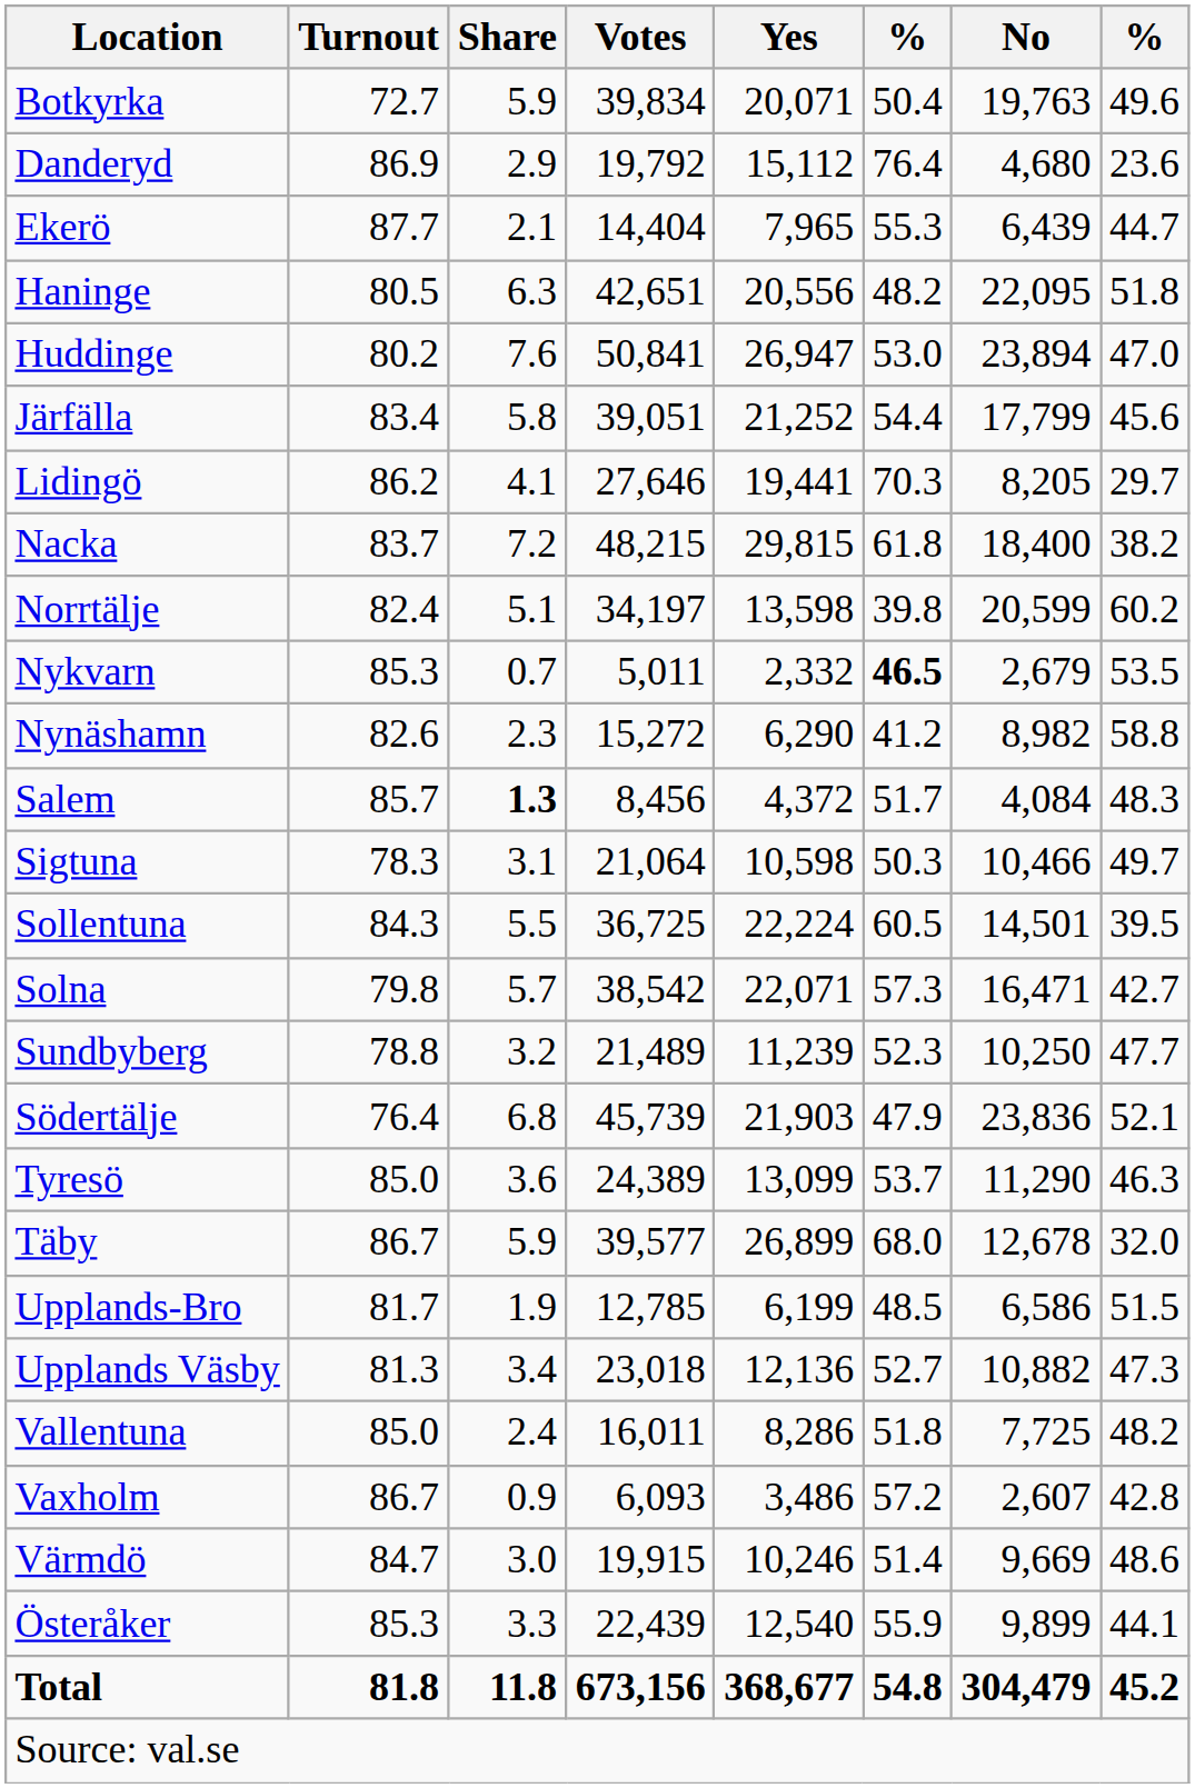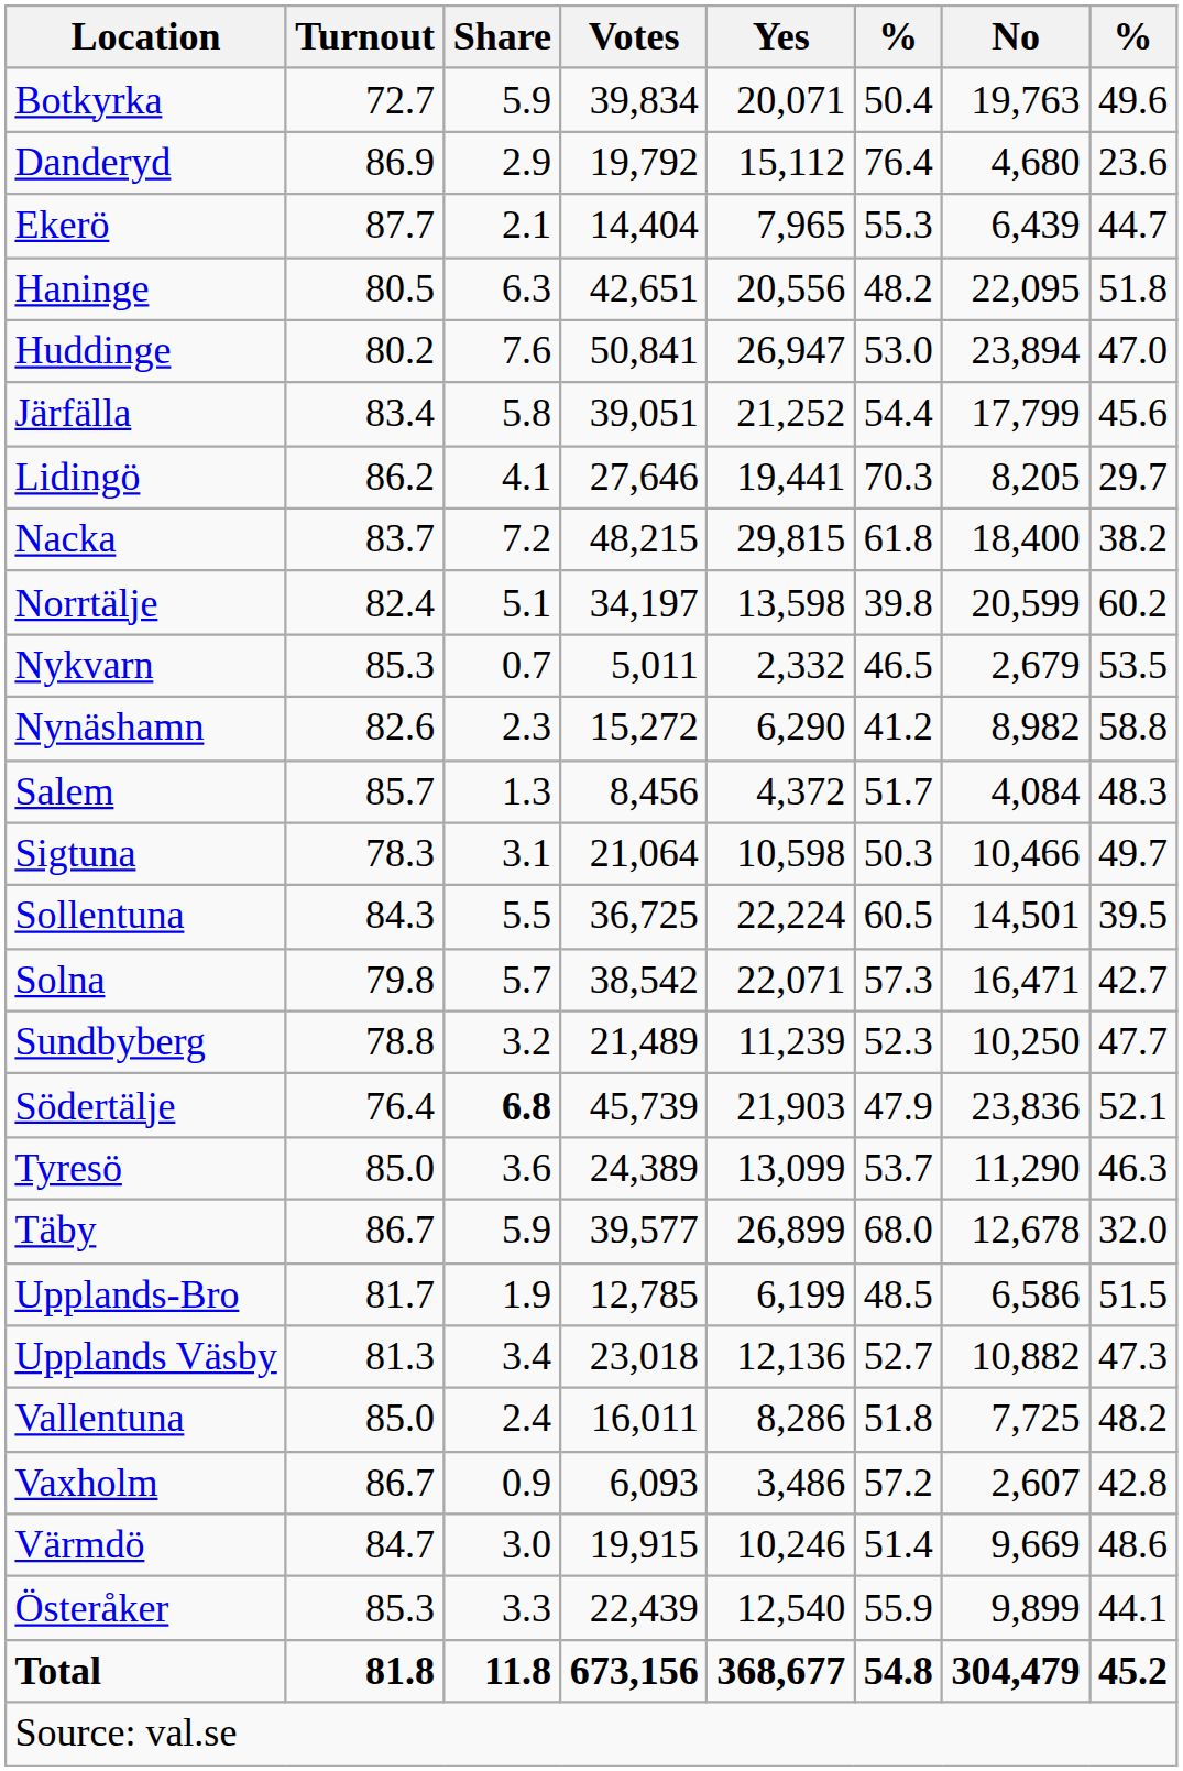 <table class="wikitable sortable" style=text-align:right>
 <tr>
 <th>Location</th>
 <th>Turnout</th>
 <th>Share</th>
 <th>Votes</th>
 <th>Yes</th>
 <th>%</th>
 <th>No</th>
 <th>%</th>
 </tr>
 <tr>
 <td align=left><a href='#'>Botkyrka</a></td>
 <td>72.7</td>
 <td>5.9</td>
 <td>39,834</td>
 <td>20,071</td>
 <td>50.4</td>
 <td>19,763</td>
 <td>49.6</td>
 </tr>
 <tr>
 <td align=left><a href='#'>Danderyd</a></td>
 <td>86.9</td>
 <td>2.9</td>
 <td>19,792</td>
 <td>15,112</td>
 <td>76.4</td>
 <td>4,680</td>
 <td>23.6</td>
 </tr>
 <tr>
 <td align=left><a href='#'>Ekerö</a></td>
 <td>87.7</td>
 <td>2.1</td>
 <td>14,404</td>
 <td>7,965</td>
 <td>55.3</td>
 <td>6,439</td>
 <td>44.7</td>
 </tr>
 <tr>
 <td align=left><a href='#'>Haninge</a></td>
 <td>80.5</td>
 <td>6.3</td>
 <td>42,651</td>
 <td>20,556</td>
 <td>48.2</td>
 <td>22,095</td>
 <td>51.8</td>
 </tr>
 <tr>
 <td align=left><a href='#'>Huddinge</a></td>
 <td>80.2</td>
 <td>7.6</td>
 <td>50,841</td>
 <td>26,947</td>
 <td>53.0</td>
 <td>23,894</td>
 <td>47.0</td>
 </tr>
 <tr>
 <td align=left><a href='#'>Järfälla</a></td>
 <td>83.4</td>
 <td>5.8</td>
 <td>39,051</td>
 <td>21,252</td>
 <td>54.4</td>
 <td>17,799</td>
 <td>45.6</td>
 </tr>
 <tr>
 <td align=left><a href='#'>Lidingö</a></td>
 <td>86.2</td>
 <td>4.1</td>
 <td>27,646</td>
 <td>19,441</td>
 <td>70.3</td>
 <td>8,205</td>
 <td>29.7</td>
 </tr>
 <tr>
 <td align=left><a href='#'>Nacka</a></td>
 <td>83.7</td>
 <td>7.2</td>
 <td>48,215</td>
 <td>29,815</td>
 <td>61.8</td>
 <td>18,400</td>
 <td>38.2</td>
 </tr>
 <tr>
 <td align=left><a href='#'>Norrtälje</a></td>
 <td>82.4</td>
 <td>5.1</td>
 <td>34,197</td>
 <td>13,598</td>
 <td>39.8</td>
 <td>20,599</td>
 <td>60.2</td>
 </tr>
 <tr>
 <td align=left><a href='#'>Nykvarn</a></td>
 <td>85.3</td>
 <td>0.7</td>
 <td>5,011</td>
 <td>2,332</td>
-<td><strong>46.5</strong></td>
+<td>46.5</td>
 <td>2,679</td>
 <td>53.5</td>
 </tr>
 <tr>
 <td align=left><a href='#'>Nynäshamn</a></td>
 <td>82.6</td>
 <td>2.3</td>
 <td>15,272</td>
 <td>6,290</td>
 <td>41.2</td>
 <td>8,982</td>
 <td>58.8</td>
 </tr>
 <tr>
 <td align=left><a href='#'>Salem</a></td>
 <td>85.7</td>
-<td><strong>1.3</strong></td>
+<td>1.3</td>
 <td>8,456</td>
 <td>4,372</td>
 <td>51.7</td>
 <td>4,084</td>
 <td>48.3</td>
 </tr>
 <tr>
 <td align=left><a href='#'>Sigtuna</a></td>
 <td>78.3</td>
 <td>3.1</td>
 <td>21,064</td>
 <td>10,598</td>
 <td>50.3</td>
 <td>10,466</td>
 <td>49.7</td>
 </tr>
 <tr>
 <td align=left><a href='#'>Sollentuna</a></td>
 <td>84.3</td>
 <td>5.5</td>
 <td>36,725</td>
 <td>22,224</td>
 <td>60.5</td>
 <td>14,501</td>
 <td>39.5</td>
 </tr>
 <tr>
 <td align=left><a href='#'>Solna</a></td>
 <td>79.8</td>
 <td>5.7</td>
 <td>38,542</td>
 <td>22,071</td>
 <td>57.3</td>
 <td>16,471</td>
 <td>42.7</td>
 </tr>
 <tr>
 <td align=left><a href='#'>Sundbyberg</a></td>
 <td>78.8</td>
 <td>3.2</td>
 <td>21,489</td>
 <td>11,239</td>
 <td>52.3</td>
 <td>10,250</td>
 <td>47.7</td>
 </tr>
 <tr>
 <td align=left><a href='#'>Södertälje</a></td>
 <td>76.4</td>
-<td>6.8</td>
+<td><strong>6.8</strong></td>
 <td>45,739</td>
 <td>21,903</td>
 <td>47.9</td>
 <td>23,836</td>
 <td>52.1</td>
 </tr>
 <tr>
 <td align=left><a href='#'>Tyresö</a></td>
 <td>85.0</td>
 <td>3.6</td>
 <td>24,389</td>
 <td>13,099</td>
 <td>53.7</td>
 <td>11,290</td>
 <td>46.3</td>
 </tr>
 <tr>
 <td align=left><a href='#'>Täby</a></td>
 <td>86.7</td>
 <td>5.9</td>
 <td>39,577</td>
 <td>26,899</td>
 <td>68.0</td>
 <td>12,678</td>
 <td>32.0</td>
 </tr>
 <tr>
 <td align=left><a href='#'>Upplands-Bro</a></td>
 <td>81.7</td>
 <td>1.9</td>
 <td>12,785</td>
 <td>6,199</td>
 <td>48.5</td>
 <td>6,586</td>
 <td>51.5</td>
 </tr>
 <tr>
 <td align=left><a href='#'>Upplands Väsby</a></td>
 <td>81.3</td>
 <td>3.4</td>
 <td>23,018</td>
 <td>12,136</td>
 <td>52.7</td>
 <td>10,882</td>
 <td>47.3</td>
 </tr>
 <tr>
 <td align=left><a href='#'>Vallentuna</a></td>
 <td>85.0</td>
 <td>2.4</td>
 <td>16,011</td>
 <td>8,286</td>
 <td>51.8</td>
 <td>7,725</td>
 <td>48.2</td>
 </tr>
 <tr>
 <td align=left><a href='#'>Vaxholm</a></td>
 <td>86.7</td>
 <td>0.9</td>
 <td>6,093</td>
 <td>3,486</td>
 <td>57.2</td>
 <td>2,607</td>
 <td>42.8</td>
 </tr>
 <tr>
 <td align=left><a href='#'>Värmdö</a></td>
 <td>84.7</td>
 <td>3.0</td>
 <td>19,915</td>
 <td>10,246</td>
 <td>51.4</td>
 <td>9,669</td>
 <td>48.6</td>
 </tr>
 <tr>
 <td align=left><a href='#'>Österåker</a></td>
 <td>85.3</td>
 <td>3.3</td>
 <td>22,439</td>
 <td>12,540</td>
 <td>55.9</td>
 <td>9,899</td>
 <td>44.1</td>
 </tr>
 <tr>
 <td align=left><strong>Total</strong></td>
 <td><strong>81.8</strong></td>
 <td><strong>11.8</strong></td>
 <td><strong>673,156</strong></td>
 <td><strong>368,677</strong></td>
 <td><strong>54.8</strong></td>
 <td><strong>304,479</strong></td>
 <td><strong>45.2</strong></td>
 </tr>
 <tr>
 <td align=left colspan=8>Source: val.se </td>
 </tr>
 </table>
